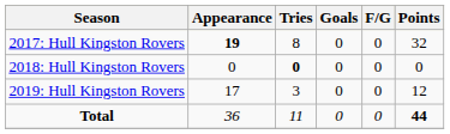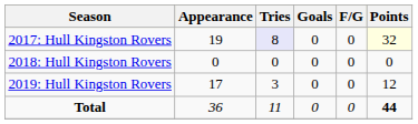 <table class="wikitable" style="text-align:center;">
 <tr bgcolor=#bdb76b>
 <th>Season</th>
 <th>Appearance</th>
 <th>Tries</th>
 <th>Goals</th>
 <th>F/G</th>
 <th>Points</th>
 </tr>
 <tr>
 <td><a href='#'>2017: Hull Kingston Rovers</a></td>
-<td><strong>19</strong></td>
-<td>8</td>
+<td>19</td>
+<td style="background: lavender;">8</td>
 <td>0</td>
 <td>0</td>
-<td>32</td>
+<td style="background: lightyellow;">32</td>
 </tr>
 <tr>
 <td><a href='#'>2018: Hull Kingston Rovers</a></td>
 <td>0</td>
-<td><strong>0</strong></td>
+<td>0</td>
 <td>0</td>
 <td>0</td>
 <td>0</td>
 </tr>
 <tr>
 <td><a href='#'>2019: Hull Kingston Rovers</a></td>
 <td>17</td>
 <td>3</td>
 <td>0</td>
 <td>0</td>
 <td>12</td>
 </tr>
 <tr>
 <td><strong>Total</strong></td>
 <td><em>36</em></td>
 <td><em>11</em></td>
 <td><em>0</em></td>
 <td><em>0</em></td>
 <td><strong>44</strong></td>
 </tr>
 <tr>
 </tr>
 </table>
